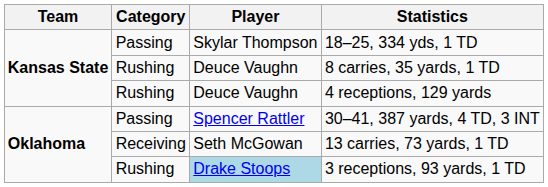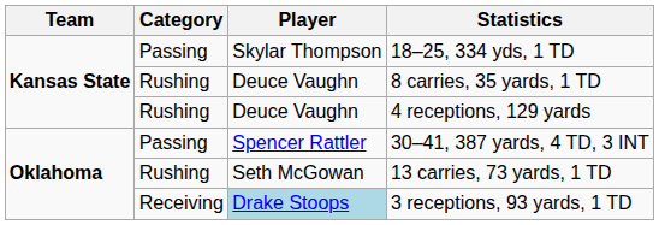 <table class="wikitable" style="float: right;">
 <tr>
 <th>Team</th>
 <th>Category</th>
 <th>Player</th>
 <th>Statistics</th>
 </tr>
 <tr>
 <td rowspan=3><strong>Kansas State</strong></td>
 <td>Passing</td>
 <td>Skylar Thompson</td>
 <td>18–25, 334 yds, 1 TD</td>
 </tr>
 <tr>
 <td>Rushing</td>
 <td>Deuce Vaughn</td>
 <td>8 carries, 35 yards, 1 TD</td>
 </tr>
 <tr>
 <td>Rushing</td>
 <td>Deuce Vaughn</td>
 <td>4 receptions, 129 yards</td>
 </tr>
 <tr>
 <td rowspan=3><strong>Oklahoma</strong></td>
 <td>Passing</td>
 <td><a href='#'>Spencer Rattler</a></td>
 <td>30–41, 387 yards, 4 TD, 3 INT</td>
 </tr>
 <tr>
-<td>Receiving</td>
+<td>Rushing</td>
 <td>Seth McGowan</td>
 <td>13 carries, 73 yards, 1 TD</td>
 </tr>
 <tr>
-<td>Rushing</td>
+<td>Receiving</td>
 <td style="background: lightblue;"><a href='#'>Drake Stoops</a></td>
 <td>3 receptions, 93 yards, 1 TD</td>
 </tr>
 </table>
